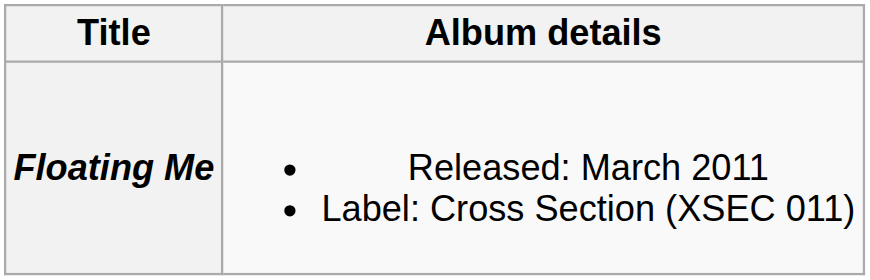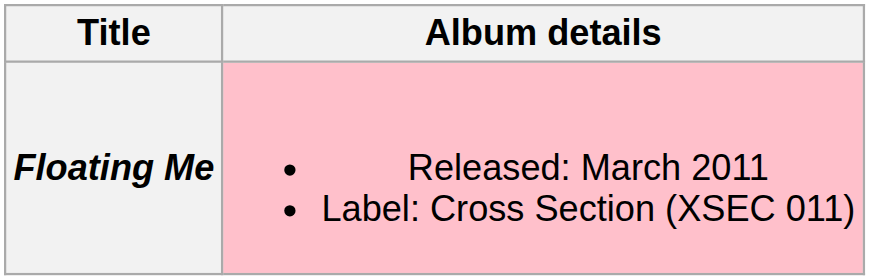 <table class="wikitable plainrowheaders" style="text-align:center;" border="1">
 <tr>
 <th scope="col">Title</th>
 <th scope="col">Album details</th>
 </tr>
 <tr>
 <th scope="row"><em>Floating Me</em></th>
-<td><br><ul><li>Released: March 2011</li><li>Label: Cross Section (XSEC 011)</li></ul></td>
+<td style="background: pink;"><br><ul><li>Released: March 2011</li><li>Label: Cross Section (XSEC 011)</li></ul></td>
 </tr>
 </table>
